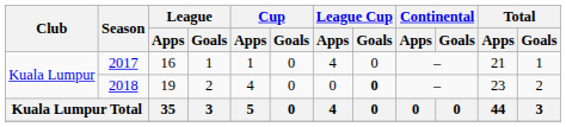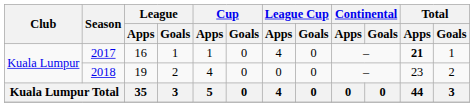 <table class="wikitable" style="text-align:center;">
 <tr>
 <th rowspan="2">Club</th>
 <th rowspan="2">Season</th>
 <th colspan="2">League</th>
 <th colspan="2"><a href='#'>Cup</a></th>
 <th colspan="2"><a href='#'>League Cup</a></th>
 <th colspan="2"><a href='#'>Continental</a></th>
 <th colspan="2">Total</th>
 </tr>
 <tr>
 <th>Apps</th>
 <th>Goals</th>
 <th>Apps</th>
 <th>Goals</th>
 <th>Apps</th>
 <th>Goals</th>
 <th>Apps</th>
 <th>Goals</th>
 <th>Apps</th>
 <th>Goals</th>
 </tr>
 <tr>
 <td rowspan=2><a href='#'>Kuala Lumpur</a></td>
 <td><a href='#'>2017</a></td>
 <td>16</td>
 <td>1</td>
 <td>1</td>
 <td>0</td>
 <td>4</td>
 <td>0</td>
 <td colspan="2">–</td>
-<td>21</td>
+<td><strong>21</strong></td>
 <td>1</td>
 </tr>
 <tr>
 <td><a href='#'>2018</a></td>
 <td>19</td>
 <td>2</td>
 <td>4</td>
 <td>0</td>
 <td>0</td>
-<td><strong>0</strong></td>
+<td>0</td>
 <td colspan="2">–</td>
 <td>23</td>
 <td>2</td>
 </tr>
 <tr>
 <th colspan="2">Kuala Lumpur Total</th>
 <th>35</th>
 <th>3</th>
 <th>5</th>
 <th>0</th>
 <th>4</th>
 <th>0</th>
 <th>0</th>
 <th>0</th>
 <th>44</th>
 <th>3</th>
 </tr>
 <tr>
 </tr>
 </table>
